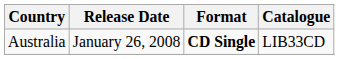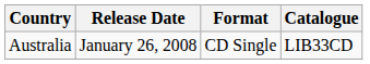 <table class="wikitable" border="1">
 <tr>
 <th>Country</th>
 <th>Release Date</th>
 <th>Format</th>
 <th>Catalogue</th>
 </tr>
 <tr>
 <td>Australia</td>
 <td>January 26, 2008</td>
-<td><strong>CD Single</strong></td>
+<td>CD Single</td>
 <td>LIB33CD</td>
 </tr>
 <tr>
 </tr>
 </table>
